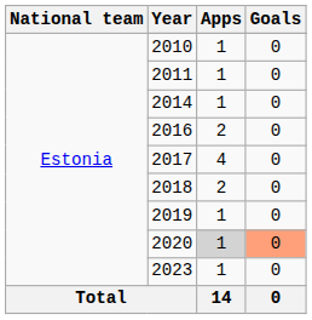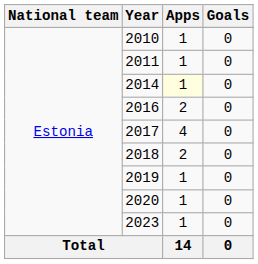 <table class=wikitable style="text-align: center;">
 <tr>
 <th>National team</th>
 <th>Year</th>
 <th>Apps</th>
 <th>Goals</th>
 </tr>
 <tr>
 <td rowspan=10><a href='#'>Estonia</a></td>
 </tr>
 <tr>
 <td>2010</td>
 <td>1</td>
 <td>0</td>
 </tr>
 <tr>
 <td>2011</td>
 <td>1</td>
 <td>0</td>
 </tr>
 <tr>
 <td>2014</td>
-<td>1</td>
+<td style="background: lightyellow;">1</td>
 <td>0</td>
 </tr>
 <tr>
 <td>2016</td>
 <td>2</td>
 <td>0</td>
 </tr>
 <tr>
 <td>2017</td>
 <td>4</td>
 <td>0</td>
 </tr>
 <tr>
 <td>2018</td>
 <td>2</td>
 <td>0</td>
 </tr>
 <tr>
 <td>2019</td>
 <td>1</td>
 <td>0</td>
 </tr>
 <tr>
 <td>2020</td>
-<td style="background: lightgrey;">1</td>
-<td style="background: lightsalmon;">0</td>
+<td>1</td>
+<td>0</td>
 </tr>
 <tr>
 <td>2023</td>
 <td>1</td>
 <td>0</td>
 </tr>
 <tr>
 <th colspan=2>Total</th>
 <th>14</th>
 <th>0</th>
 </tr>
 </table>
